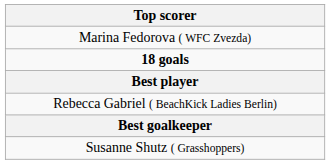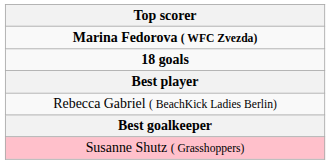 <table class="wikitable" style="margin: 1em auto;">
 <tr>
 <th width=360 colspan=3>Top scorer</th>
 </tr>
 <tr align=center style="background:">
-<td style="text-align:center;"> Marina Fedorova <small>( WFC Zvezda)</small></td>
+<td style="text-align:center;"><strong> Marina Fedorova <small>( WFC Zvezda)</small></strong></td>
 </tr>
 <tr>
 <td align="center"><strong>18 goals</strong></td>
 </tr>
 <tr>
 <th colspan=3>Best player</th>
 </tr>
 <tr>
 <td style="text-align:center;"> Rebecca Gabriel <small>( BeachKick Ladies Berlin)</small></td>
 </tr>
 <tr>
 <th colspan=3>Best goalkeeper</th>
 </tr>
 <tr>
-<td style="text-align:center;"> Susanne Shutz <small>( Grasshoppers)</small></td>
+<td style="background: pink; text-align:center;"> Susanne Shutz <small>( Grasshoppers)</small></td>
 </tr>
 </table>
